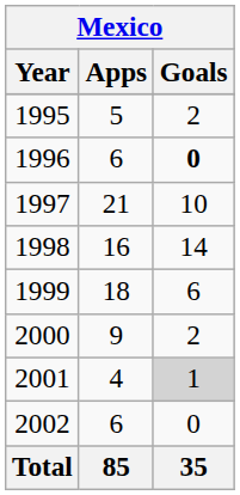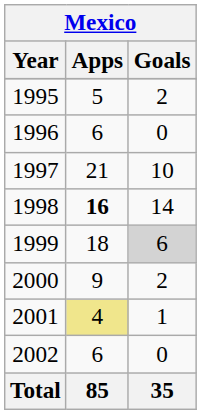 <table class="wikitable" style="text-align:center">
 <tr>
 <th colspan=3><a href='#'>Mexico</a></th>
 </tr>
 <tr>
 <th>Year</th>
 <th>Apps</th>
 <th>Goals</th>
 </tr>
 <tr>
 </tr>
 <tr>
 <td>1995</td>
 <td>5</td>
 <td>2</td>
 </tr>
 <tr>
 <td>1996</td>
 <td>6</td>
-<td><strong>0</strong></td>
+<td>0</td>
 </tr>
 <tr>
 <td>1997</td>
 <td>21</td>
 <td>10</td>
 </tr>
 <tr>
 <td>1998</td>
-<td>16</td>
+<td><strong>16</strong></td>
 <td>14</td>
 </tr>
 <tr>
 <td>1999</td>
 <td>18</td>
-<td>6</td>
+<td style="background: lightgrey;">6</td>
 </tr>
 <tr>
 <td>2000</td>
 <td>9</td>
 <td>2</td>
 </tr>
 <tr>
 <td>2001</td>
-<td>4</td>
-<td style="background: lightgrey;">1</td>
+<td style="background: khaki;">4</td>
+<td>1</td>
 </tr>
 <tr>
 <td>2002</td>
 <td>6</td>
 <td>0</td>
 </tr>
 <tr>
 <th>Total</th>
 <th>85</th>
 <th>35</th>
 </tr>
 </table>
